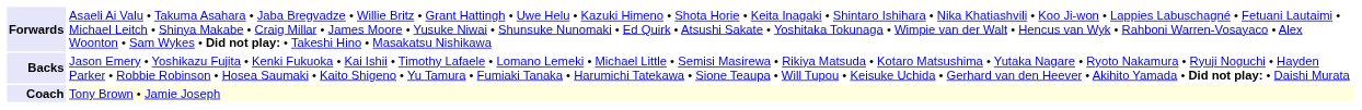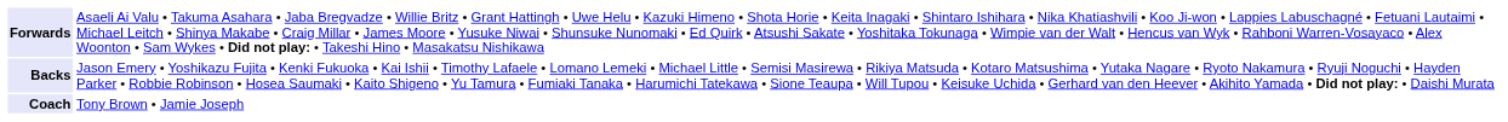 <table cellpadding="2" style="border: 1px solid white; font-size:90%;">
 <tr>
 <td style="text-align:right; background:lavender;"><strong>Forwards</strong></td>
 <td style="text-align:left;"><a href='#'>Asaeli Ai Valu</a> • <a href='#'>Takuma Asahara</a> • <a href='#'>Jaba Bregvadze</a> • <a href='#'>Willie Britz</a> • <a href='#'>Grant Hattingh</a> • <a href='#'>Uwe Helu</a> • <a href='#'>Kazuki Himeno</a> • <a href='#'>Shota Horie</a> • <a href='#'>Keita Inagaki</a> • <a href='#'>Shintaro Ishihara</a> • <a href='#'>Nika Khatiashvili</a> • <a href='#'>Koo Ji-won</a> • <a href='#'>Lappies Labuschagné</a> • <a href='#'>Fetuani Lautaimi</a> • <a href='#'>Michael Leitch</a> • <a href='#'>Shinya Makabe</a> • <a href='#'>Craig Millar</a> • <a href='#'>James Moore</a> • <a href='#'>Yusuke Niwai</a> • <a href='#'>Shunsuke Nunomaki</a> • <a href='#'>Ed Quirk</a> • <a href='#'>Atsushi Sakate</a> • <a href='#'>Yoshitaka Tokunaga</a> • <a href='#'>Wimpie van der Walt</a> • <a href='#'>Hencus van Wyk</a> • <a href='#'>Rahboni Warren-Vosayaco</a> • <a href='#'>Alex Woonton</a> • <a href='#'>Sam Wykes</a> • <strong>Did not play:</strong> • <a href='#'>Takeshi Hino</a> • <a href='#'>Masakatsu Nishikawa</a></td>
 </tr>
 <tr>
 <td style="text-align:right; background:lavender;"><strong>Backs</strong></td>
 <td style="text-align:left;"><a href='#'>Jason Emery</a> • <a href='#'>Yoshikazu Fujita</a> • <a href='#'>Kenki Fukuoka</a> • <a href='#'>Kai Ishii</a> • <a href='#'>Timothy Lafaele</a> • <a href='#'>Lomano Lemeki</a> • <a href='#'>Michael Little</a> • <a href='#'>Semisi Masirewa</a> • <a href='#'>Rikiya Matsuda</a> • <a href='#'>Kotaro Matsushima</a> • <a href='#'>Yutaka Nagare</a> • <a href='#'>Ryoto Nakamura</a> • <a href='#'>Ryuji Noguchi</a> • <a href='#'>Hayden Parker</a> • <a href='#'>Robbie Robinson</a> • <a href='#'>Hosea Saumaki</a> • <a href='#'>Kaito Shigeno</a> • <a href='#'>Yu Tamura</a> • <a href='#'>Fumiaki Tanaka</a> • <a href='#'>Harumichi Tatekawa</a> • <a href='#'>Sione Teaupa</a> • <a href='#'>Will Tupou</a> • <a href='#'>Keisuke Uchida</a> • <a href='#'>Gerhard van den Heever</a> • <a href='#'>Akihito Yamada</a> • <strong>Did not play:</strong> • <a href='#'>Daishi Murata</a></td>
 </tr>
 <tr>
 <td style="text-align:right; background:lavender;"><strong>Coach</strong></td>
-<td style="background: lightyellow; text-align:left;"><a href='#'>Tony Brown</a> • <a href='#'>Jamie Joseph</a></td>
+<td style="text-align:left;"><a href='#'>Tony Brown</a> • <a href='#'>Jamie Joseph</a></td>
 </tr>
 </table>
